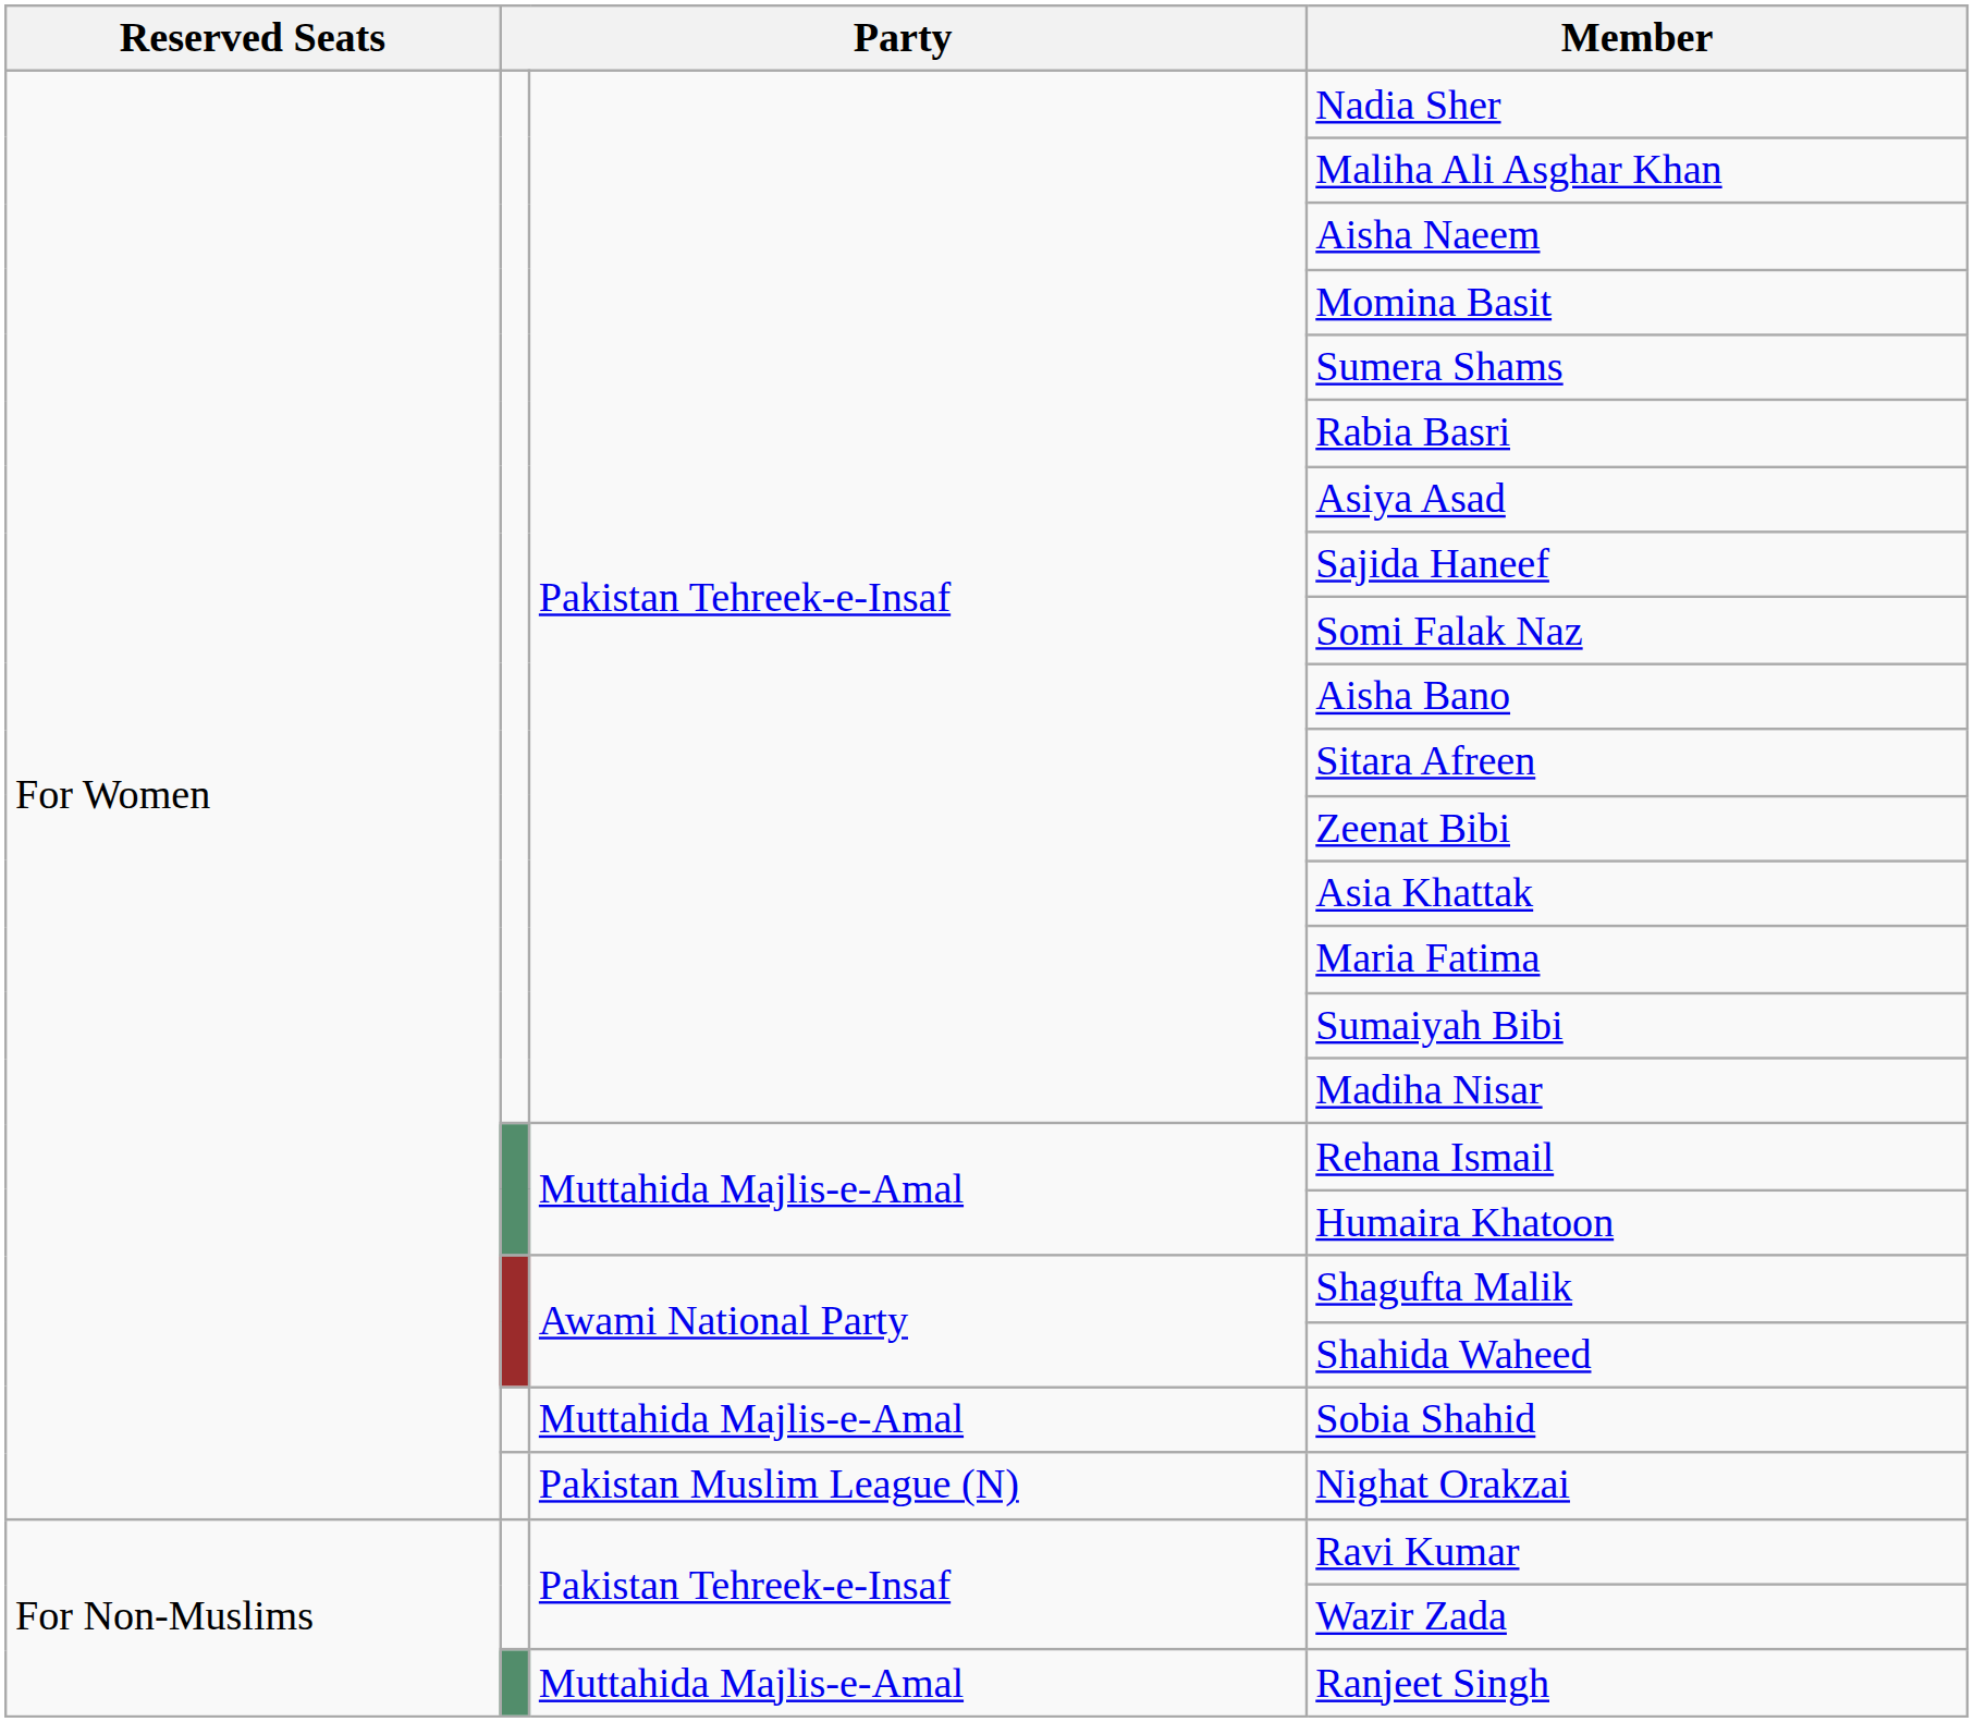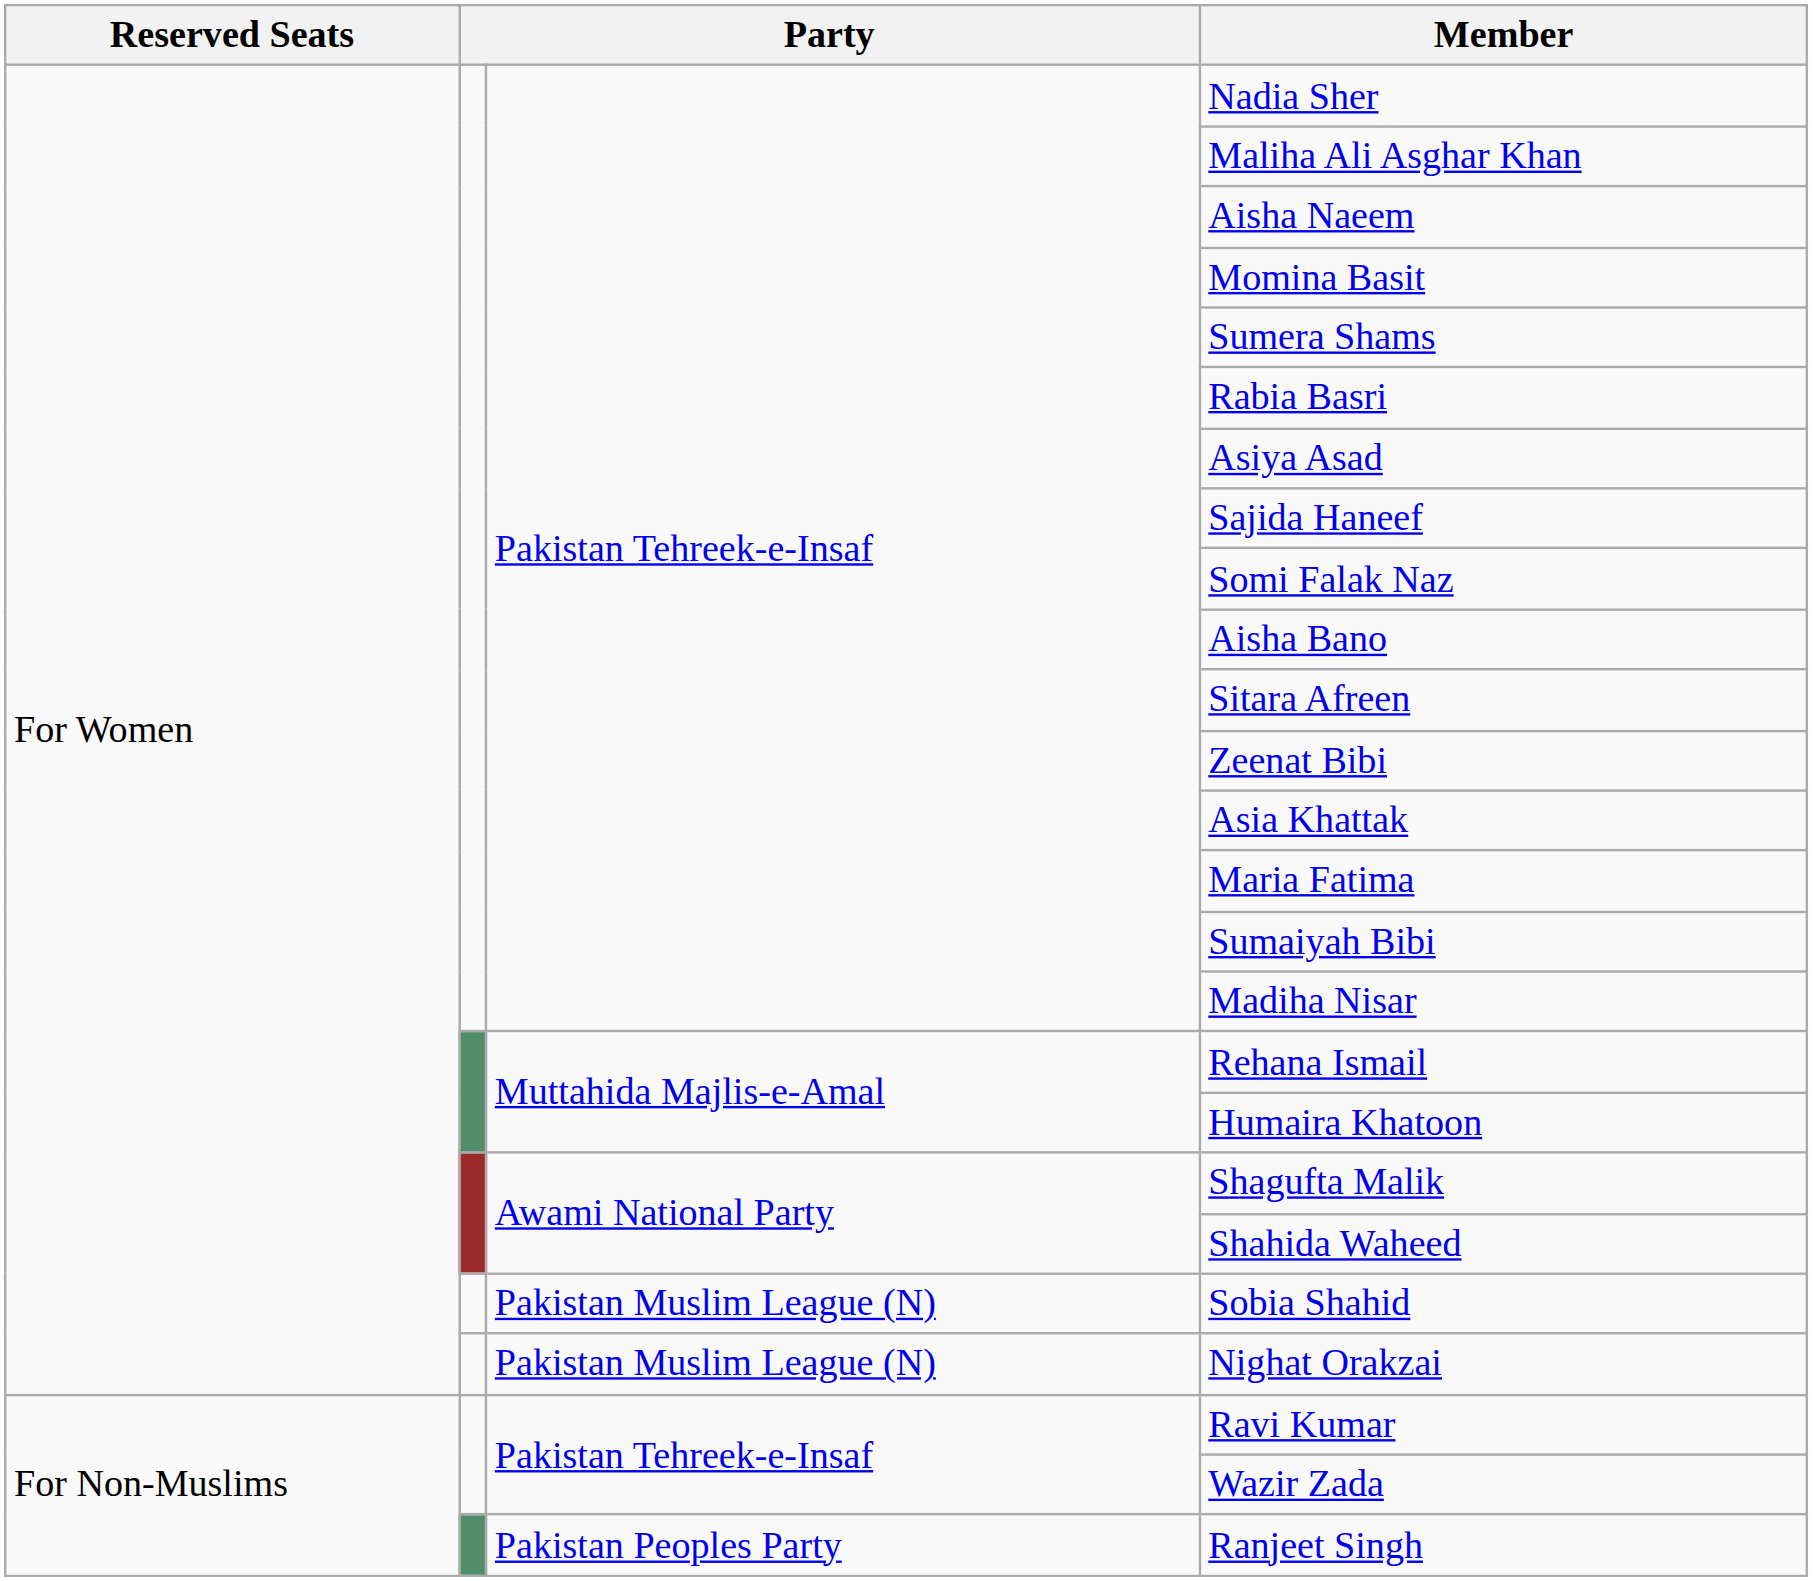 <table class="wikitable sortable" style="width: 60%;">
 <tr>
 <th class="unsortable">Reserved Seats</th>
 <th colspan="2">Party</th>
 <th class="unsortable">Member</th>
 </tr>
 <tr>
 <td rowspan="22">For Women</td>
 <td rowspan="16" style="background-color:"></td>
 <td rowspan="16"><a href='#'>Pakistan Tehreek-e-Insaf</a></td>
 <td><a href='#'>Nadia Sher</a></td>
 </tr>
 <tr>
 <td><a href='#'>Maliha Ali Asghar Khan</a></td>
 </tr>
 <tr>
 <td><a href='#'>Aisha Naeem</a></td>
 </tr>
 <tr>
 <td><a href='#'>Momina Basit</a></td>
 </tr>
 <tr>
 <td><a href='#'>Sumera Shams</a></td>
 </tr>
 <tr>
 <td><a href='#'>Rabia Basri</a></td>
 </tr>
 <tr>
 <td><a href='#'>Asiya Asad</a></td>
 </tr>
 <tr>
 <td><a href='#'>Sajida Haneef</a></td>
 </tr>
 <tr>
 <td><a href='#'>Somi Falak Naz</a></td>
 </tr>
 <tr>
 <td><a href='#'>Aisha Bano</a></td>
 </tr>
 <tr>
 <td><a href='#'>Sitara Afreen</a></td>
 </tr>
 <tr>
 <td><a href='#'>Zeenat Bibi</a></td>
 </tr>
 <tr>
 <td><a href='#'>Asia Khattak</a></td>
 </tr>
 <tr>
 <td><a href='#'>Maria Fatima</a></td>
 </tr>
 <tr>
 <td><a href='#'>Sumaiyah Bibi</a></td>
 </tr>
 <tr>
 <td><a href='#'>Madiha Nisar</a></td>
 </tr>
 <tr>
 <td rowspan="2" style="background-color:#528d6b"></td>
 <td rowspan="2"><a href='#'>Muttahida Majlis-e-Amal</a></td>
 <td><a href='#'>Rehana Ismail</a></td>
 </tr>
 <tr>
 <td><a href='#'>Humaira Khatoon</a></td>
 </tr>
 <tr>
 <td rowspan="2" style="background-color:#9b2b2b"></td>
 <td rowspan="2"><a href='#'>Awami National Party</a></td>
 <td><a href='#'>Shagufta Malik</a></td>
 </tr>
 <tr>
 <td><a href='#'>Shahida Waheed</a></td>
 </tr>
 <tr>
 <td></td>
-<td><a href='#'>Muttahida Majlis-e-Amal</a></td>
+<td><a href='#'>Pakistan Muslim League (N)</a></td>
 <td><a href='#'>Sobia Shahid</a></td>
 </tr>
 <tr>
 <td></td>
 <td><a href='#'>Pakistan Muslim League (N)</a></td>
 <td><a href='#'>Nighat Orakzai</a></td>
 </tr>
 <tr>
 <td rowspan="3">For Non-Muslims</td>
 <td rowspan="2" style="background-color:"></td>
 <td rowspan="2"><a href='#'>Pakistan Tehreek-e-Insaf</a></td>
 <td><a href='#'>Ravi Kumar</a></td>
 </tr>
 <tr>
 <td><a href='#'>Wazir Zada</a></td>
 </tr>
 <tr>
 <td style="color:inherit;background:#528d6b"></td>
-<td><a href='#'>Muttahida Majlis-e-Amal</a></td>
+<td><a href='#'>Pakistan Peoples Party</a></td>
 <td><a href='#'>Ranjeet Singh</a></td>
 </tr>
 </table>
